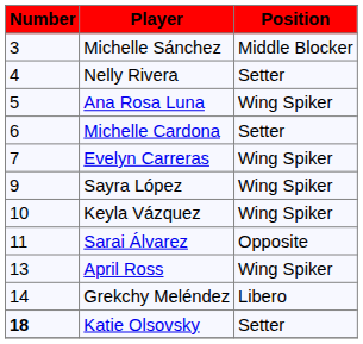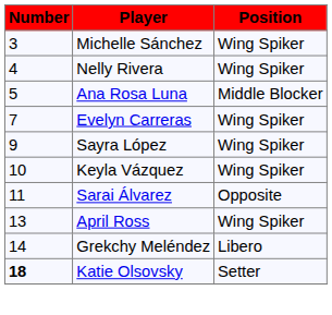 <table bgcolor="#f7f8ff" cellpadding="3" cellspacing="0" border="1" style="font-size: 95%; border: gray solid 1px; border-collapse: collapse;">
 <tr bgcolor="#ff0000">
 <td align=center><strong>Number</strong></td>
 <td align=center><strong>Player</strong></td>
 <td align=center><strong>Position</strong></td>
 </tr>
 <tr align="left">
 <td>3</td>
 <td> Michelle Sánchez</td>
-<td>Middle Blocker</td>
+<td>Wing Spiker</td>
 </tr>
 <tr align="left">
 <td>4</td>
 <td> Nelly Rivera</td>
-<td>Setter</td>
+<td>Wing Spiker</td>
 </tr>
 <tr align="left">
 <td>5</td>
 <td> <a href='#'>Ana Rosa Luna</a></td>
-<td>Wing Spiker</td>
-</tr>
-<tr align="left">
-<td>6</td>
-<td> <a href='#'>Michelle Cardona</a></td>
-<td>Setter</td>
+<td>Middle Blocker</td>
 </tr>
 <tr align="left">
 <td>7</td>
 <td> <a href='#'>Evelyn Carreras</a></td>
 <td>Wing Spiker</td>
 </tr>
 <tr align="left">
 <td>9</td>
 <td> Sayra López</td>
 <td>Wing Spiker</td>
 </tr>
 <tr align="left">
 <td>10</td>
 <td> Keyla Vázquez</td>
 <td>Wing Spiker</td>
 </tr>
 <tr align="left">
 <td>11</td>
 <td> <a href='#'>Sarai Álvarez</a></td>
 <td>Opposite</td>
 </tr>
 <tr align="left">
 <td>13</td>
 <td> <a href='#'>April Ross</a></td>
 <td>Wing Spiker</td>
 </tr>
 <tr align="left">
 <td>14</td>
 <td> Grekchy Meléndez</td>
 <td>Libero</td>
 </tr>
 <tr align="left">
 <td><strong>18</strong></td>
 <td> <a href='#'>Katie Olsovsky</a></td>
 <td>Setter</td>
 </tr>
 <tr align="left">
 </tr>
 </table>
